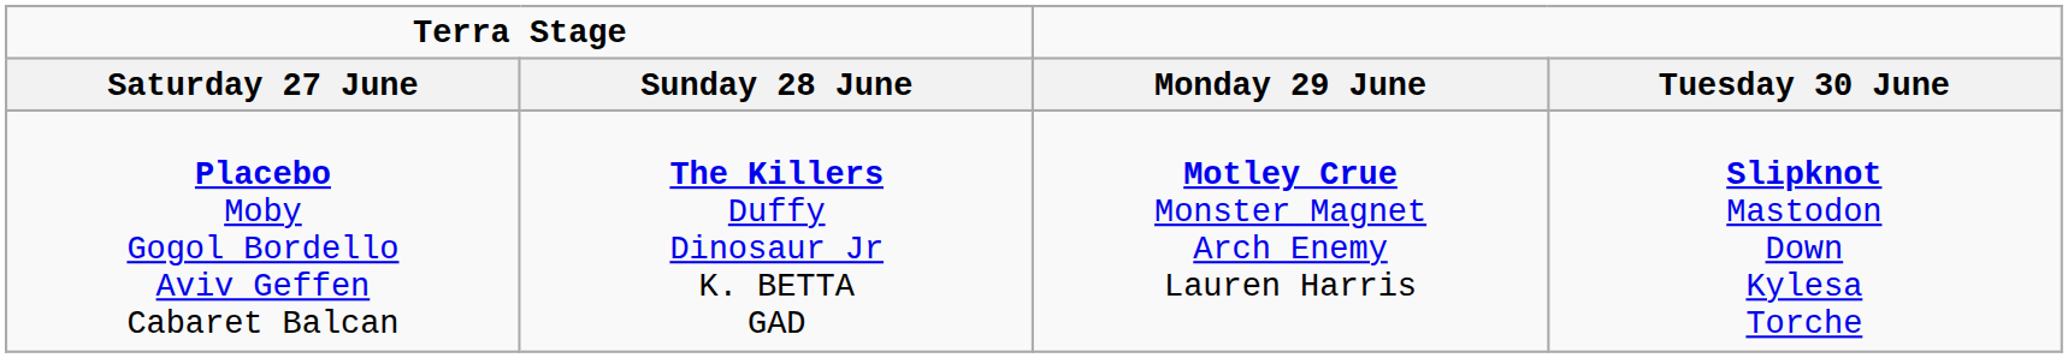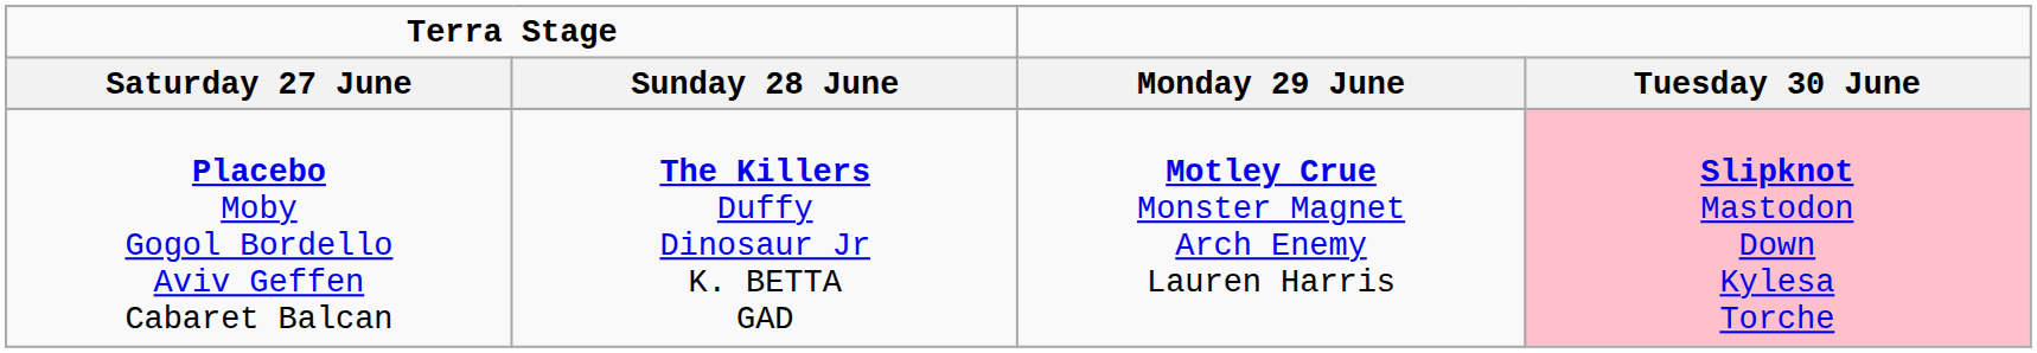 <table class="wikitable">
 <tr>
 <td colspan="2" align="center"><strong>Terra Stage</strong></td>
 </tr>
 <tr>
 <th>Saturday 27 June</th>
 <th>Sunday 28 June</th>
 <th>Monday 29 June</th>
 <th>Tuesday 30 June</th>
 </tr>
 <tr>
 <td valign="top" align="center" width=200><br><strong><a href='#'>Placebo</a></strong> <br><a href='#'>Moby</a> <br><a href='#'>Gogol Bordello</a> <br><a href='#'>Aviv Geffen</a> <br>Cabaret Balcan</td>
 <td valign="top" align="center" width=200><br><strong><a href='#'>The Killers</a></strong> <br><a href='#'>Duffy</a> <br><a href='#'>Dinosaur Jr</a> <br>K. BETTA <br>GAD</td>
 <td valign="top" align="center" width=200><br><strong><a href='#'>Motley Crue</a></strong> <br><a href='#'>Monster Magnet</a> <br><a href='#'>Arch Enemy</a> <br>Lauren Harris</td>
-<td valign="top" align="center" width=200><br><strong><a href='#'>Slipknot</a></strong> <br><a href='#'>Mastodon</a> <br><a href='#'>Down</a> <br><a href='#'>Kylesa</a> <br><a href='#'>Torche</a></td>
+<td valign="top" align="center" width=200 style="background: pink;"><br><strong><a href='#'>Slipknot</a></strong> <br><a href='#'>Mastodon</a> <br><a href='#'>Down</a> <br><a href='#'>Kylesa</a> <br><a href='#'>Torche</a></td>
 </tr>
 </table>
